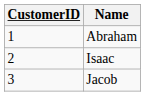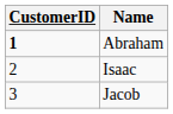 <table class="wikitable col1right">
 <tr>
 <th><u>CustomerID</u></th>
 <th>Name</th>
 </tr>
 <tr>
-<td>1</td>
+<td><strong>1</strong></td>
 <td>Abraham</td>
 </tr>
 <tr>
 <td>2</td>
 <td>Isaac</td>
 </tr>
 <tr>
 <td>3</td>
 <td>Jacob</td>
 </tr>
 </table>
